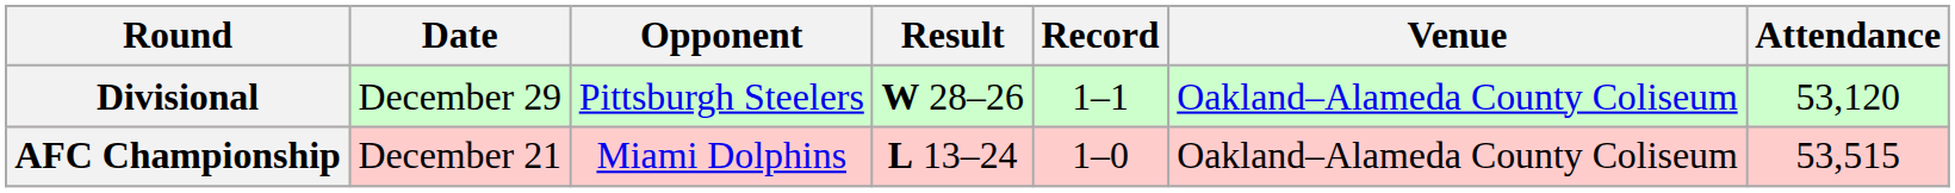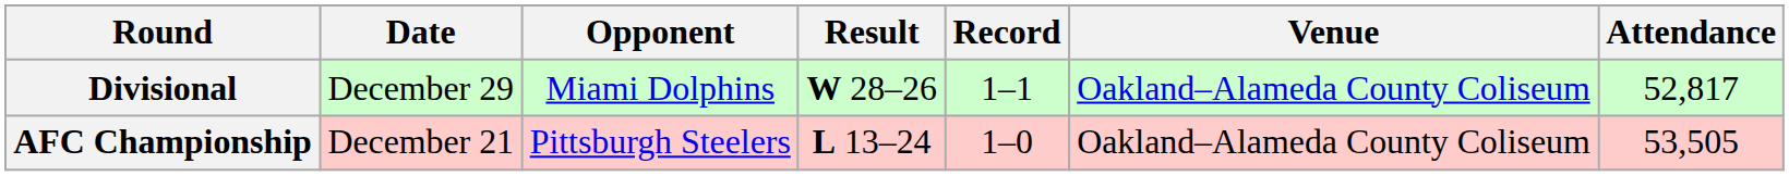 <table class="wikitable" style="text-align:center">
 <tr>
 <th>Round</th>
 <th>Date</th>
 <th>Opponent</th>
 <th>Result</th>
 <th>Record</th>
 <th>Venue</th>
 <th>Attendance</th>
 </tr>
 <tr style="background:#cfc">
 <th>Divisional</th>
 <td>December 29</td>
-<td><a href='#'>Pittsburgh Steelers</a></td>
+<td><a href='#'>Miami Dolphins</a></td>
 <td><strong>W</strong> 28–26</td>
 <td>1–1</td>
 <td><a href='#'>Oakland–Alameda County Coliseum</a></td>
-<td>53,120</td>
+<td>52,817</td>
 </tr>
 <tr style="background:#fcc">
 <th>AFC Championship</th>
 <td>December 21</td>
-<td><a href='#'>Miami Dolphins</a></td>
+<td><a href='#'>Pittsburgh Steelers</a></td>
 <td><strong>L</strong> 13–24</td>
 <td>1–0</td>
 <td>Oakland–Alameda County Coliseum</td>
-<td>53,515</td>
+<td>53,505</td>
 </tr>
 </table>
